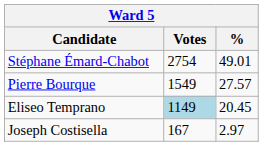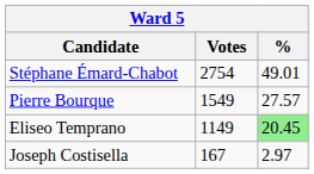 <table class="wikitable">
 <tr>
 <th colspan="3"><a href='#'>Ward 5</a></th>
 </tr>
 <tr>
 <th style="width: 170px">Candidate</th>
 <th style="width: 50px">Votes</th>
 <th style="width: 40px">%</th>
 </tr>
 <tr>
 <td><a href='#'>Stéphane Émard-Chabot</a></td>
 <td>2754</td>
 <td>49.01</td>
 </tr>
 <tr>
 <td><a href='#'>Pierre Bourque</a></td>
 <td>1549</td>
 <td>27.57</td>
 </tr>
 <tr>
 <td>Eliseo Temprano</td>
-<td style="background: lightblue;">1149</td>
-<td>20.45</td>
+<td>1149</td>
+<td style="background: lightgreen;">20.45</td>
 </tr>
 <tr>
 <td>Joseph Costisella</td>
 <td>167</td>
 <td>2.97</td>
 </tr>
 </table>
